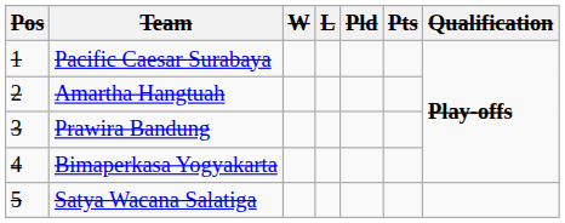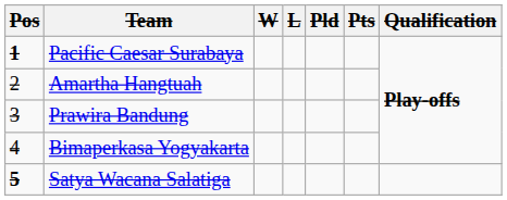 <table class="wikitable">
 <tr>
 <th><s>Pos</s></th>
 <th><s>Team</s></th>
 <th><s>W</s></th>
 <th><s>L</s></th>
 <th><s>Pld</s></th>
 <th><s>Pts</s></th>
 <th><s>Qualification</s></th>
 </tr>
 <tr>
-<td><s>1</s></td>
+<td><strong><s>1</s></strong></td>
 <td><a href='#'><s>Pacific Caesar Surabaya</s></a></td>
 <td></td>
 <td></td>
 <td></td>
 <td></td>
 <td rowspan="4"><strong><s>Play-offs</s></strong></td>
 </tr>
 <tr>
 <td><s>2</s></td>
 <td><a href='#'><s>Amartha Hangtuah</s></a></td>
 <td></td>
 <td></td>
 <td></td>
 <td></td>
 </tr>
 <tr>
 <td><s>3</s></td>
 <td><a href='#'><s>Prawira Bandung</s></a></td>
 <td></td>
 <td></td>
 <td></td>
 <td></td>
 </tr>
 <tr>
 <td><s>4</s></td>
 <td><a href='#'><s>Bimaperkasa Yogyakarta</s></a></td>
 <td></td>
 <td></td>
 <td></td>
 <td></td>
 </tr>
 <tr>
-<td><s>5</s></td>
+<td><strong><s>5</s></strong></td>
 <td><a href='#'><s>Satya Wacana Salatiga</s></a></td>
 <td></td>
 <td></td>
 <td></td>
 <td></td>
 <td></td>
 </tr>
 </table>
